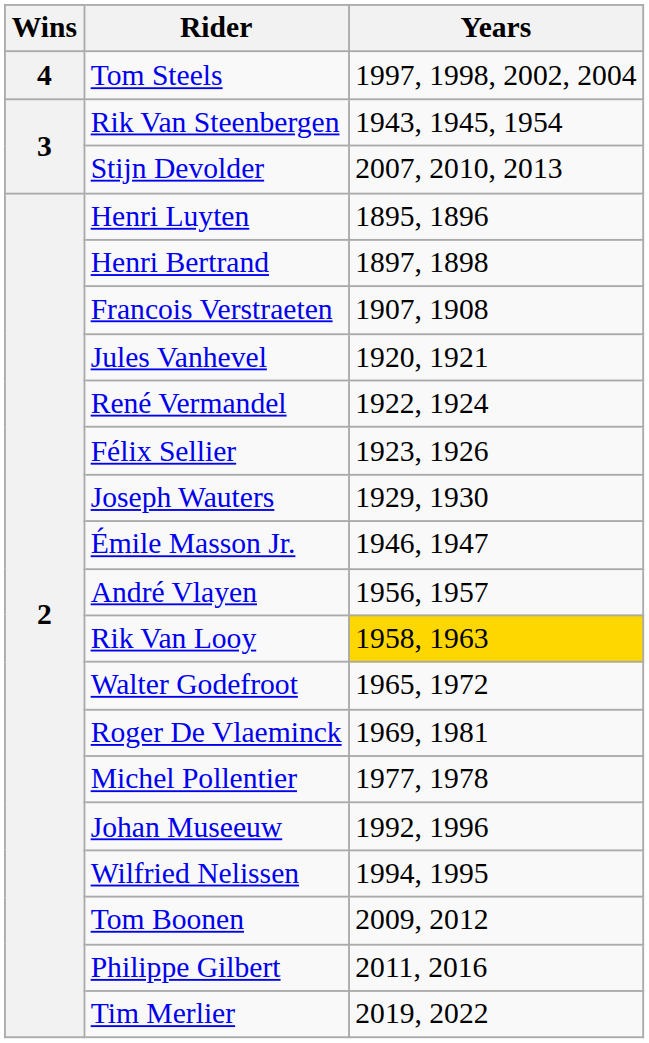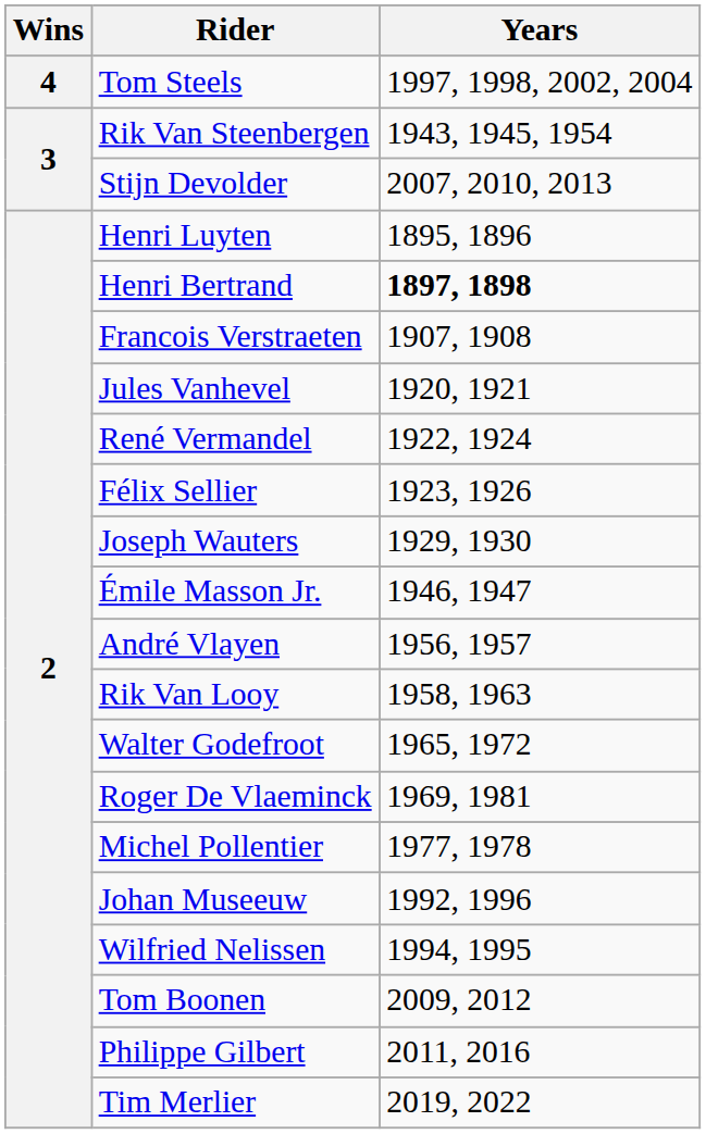 <table class="wikitable" style="text-align:left;">
 <tr>
 <th>Wins</th>
 <th>Rider</th>
 <th>Years</th>
 </tr>
 <tr>
 <th>4</th>
 <td><a href='#'>Tom Steels</a></td>
 <td>1997, 1998, 2002, 2004</td>
 </tr>
 <tr>
 <th rowspan=2>3</th>
 <td><a href='#'>Rik Van Steenbergen</a></td>
 <td>1943, 1945, 1954</td>
 </tr>
 <tr>
 <td><a href='#'>Stijn Devolder</a></td>
 <td>2007, 2010, 2013</td>
 </tr>
 <tr>
 <th rowspan=18>2</th>
 <td><a href='#'>Henri Luyten</a></td>
 <td>1895, 1896</td>
 </tr>
 <tr>
 <td><a href='#'>Henri Bertrand</a></td>
-<td>1897, 1898</td>
+<td><strong>1897, 1898</strong></td>
 </tr>
 <tr>
 <td><a href='#'>Francois Verstraeten</a></td>
 <td>1907, 1908</td>
 </tr>
 <tr>
 <td><a href='#'>Jules Vanhevel</a></td>
 <td>1920, 1921</td>
 </tr>
 <tr>
 <td><a href='#'>René Vermandel</a></td>
 <td>1922, 1924</td>
 </tr>
 <tr>
 <td><a href='#'>Félix Sellier</a></td>
 <td>1923, 1926</td>
 </tr>
 <tr>
 <td><a href='#'>Joseph Wauters</a></td>
 <td>1929, 1930</td>
 </tr>
 <tr>
 <td><a href='#'>Émile Masson Jr.</a></td>
 <td>1946, 1947</td>
 </tr>
 <tr>
 <td><a href='#'>André Vlayen</a></td>
 <td>1956, 1957</td>
 </tr>
 <tr>
 <td><a href='#'>Rik Van Looy</a></td>
-<td style="background: gold;">1958, 1963</td>
+<td>1958, 1963</td>
 </tr>
 <tr>
 <td><a href='#'>Walter Godefroot</a></td>
 <td>1965, 1972</td>
 </tr>
 <tr>
 <td><a href='#'>Roger De Vlaeminck</a></td>
 <td>1969, 1981</td>
 </tr>
 <tr>
 <td><a href='#'>Michel Pollentier</a></td>
 <td>1977, 1978</td>
 </tr>
 <tr>
 <td><a href='#'>Johan Museeuw</a></td>
 <td>1992, 1996</td>
 </tr>
 <tr>
 <td><a href='#'>Wilfried Nelissen</a></td>
 <td>1994, 1995</td>
 </tr>
 <tr>
 <td><a href='#'>Tom Boonen</a></td>
 <td>2009, 2012</td>
 </tr>
 <tr>
 <td><a href='#'>Philippe Gilbert</a></td>
 <td>2011, 2016</td>
 </tr>
 <tr>
 <td><a href='#'>Tim Merlier</a></td>
 <td>2019, 2022</td>
 </tr>
 </table>
